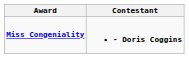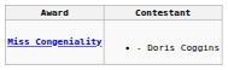 <table class="wikitable sortable" style="font-size: 95%;">
 <tr>
 <th>Award</th>
 <th>Contestant</th>
 </tr>
 <tr>
 <td><strong><a href='#'>Miss Congeniality</a></strong></td>
-<td><strong><br><ul><li> - Doris Coggins</li></ul></strong></td>
+<td><br><ul><li> - Doris Coggins</li></ul></td>
 </tr>
 </table>
